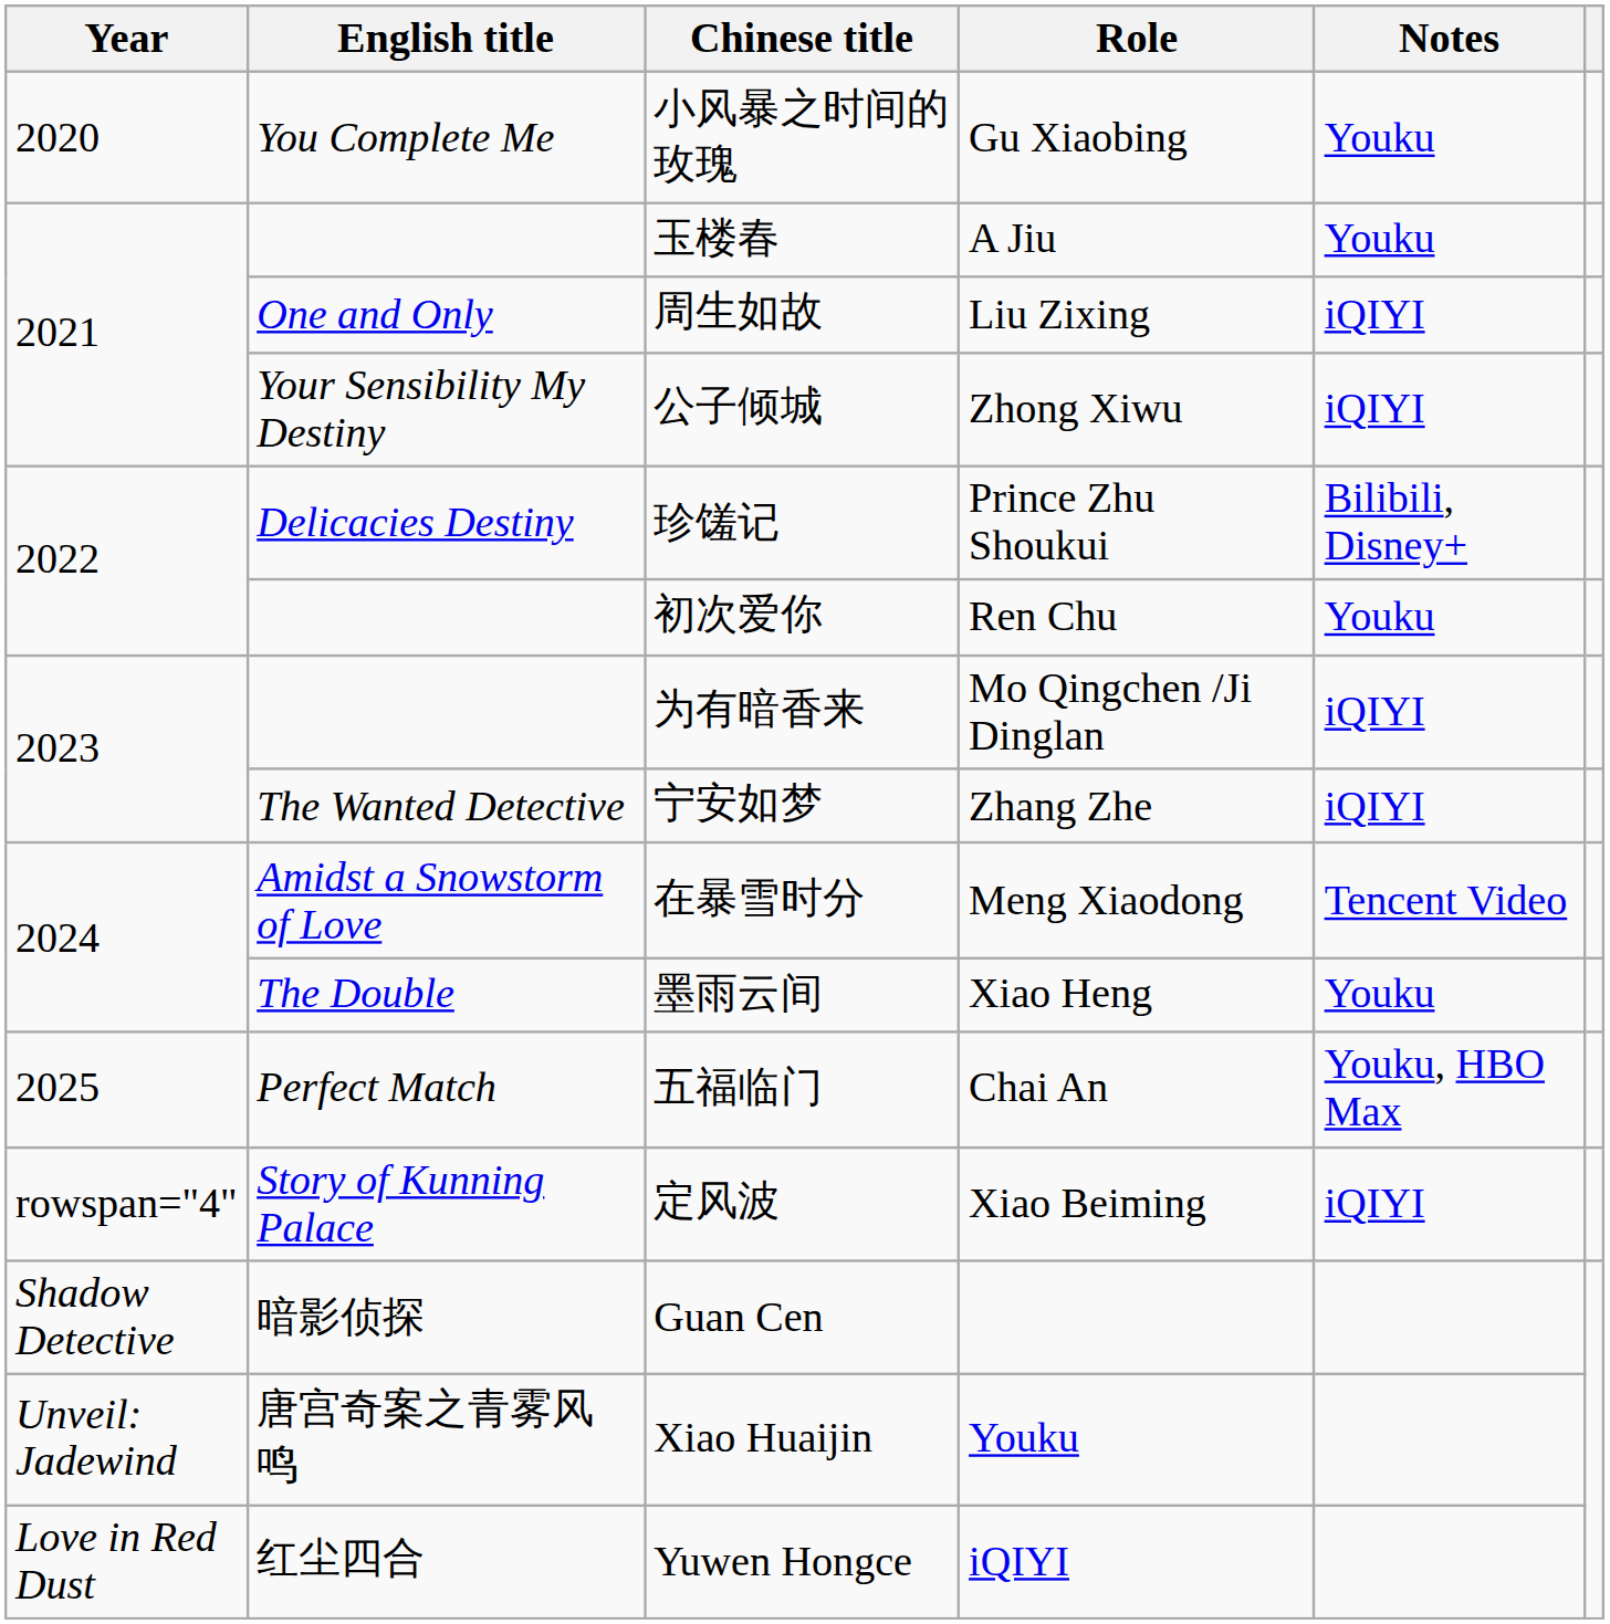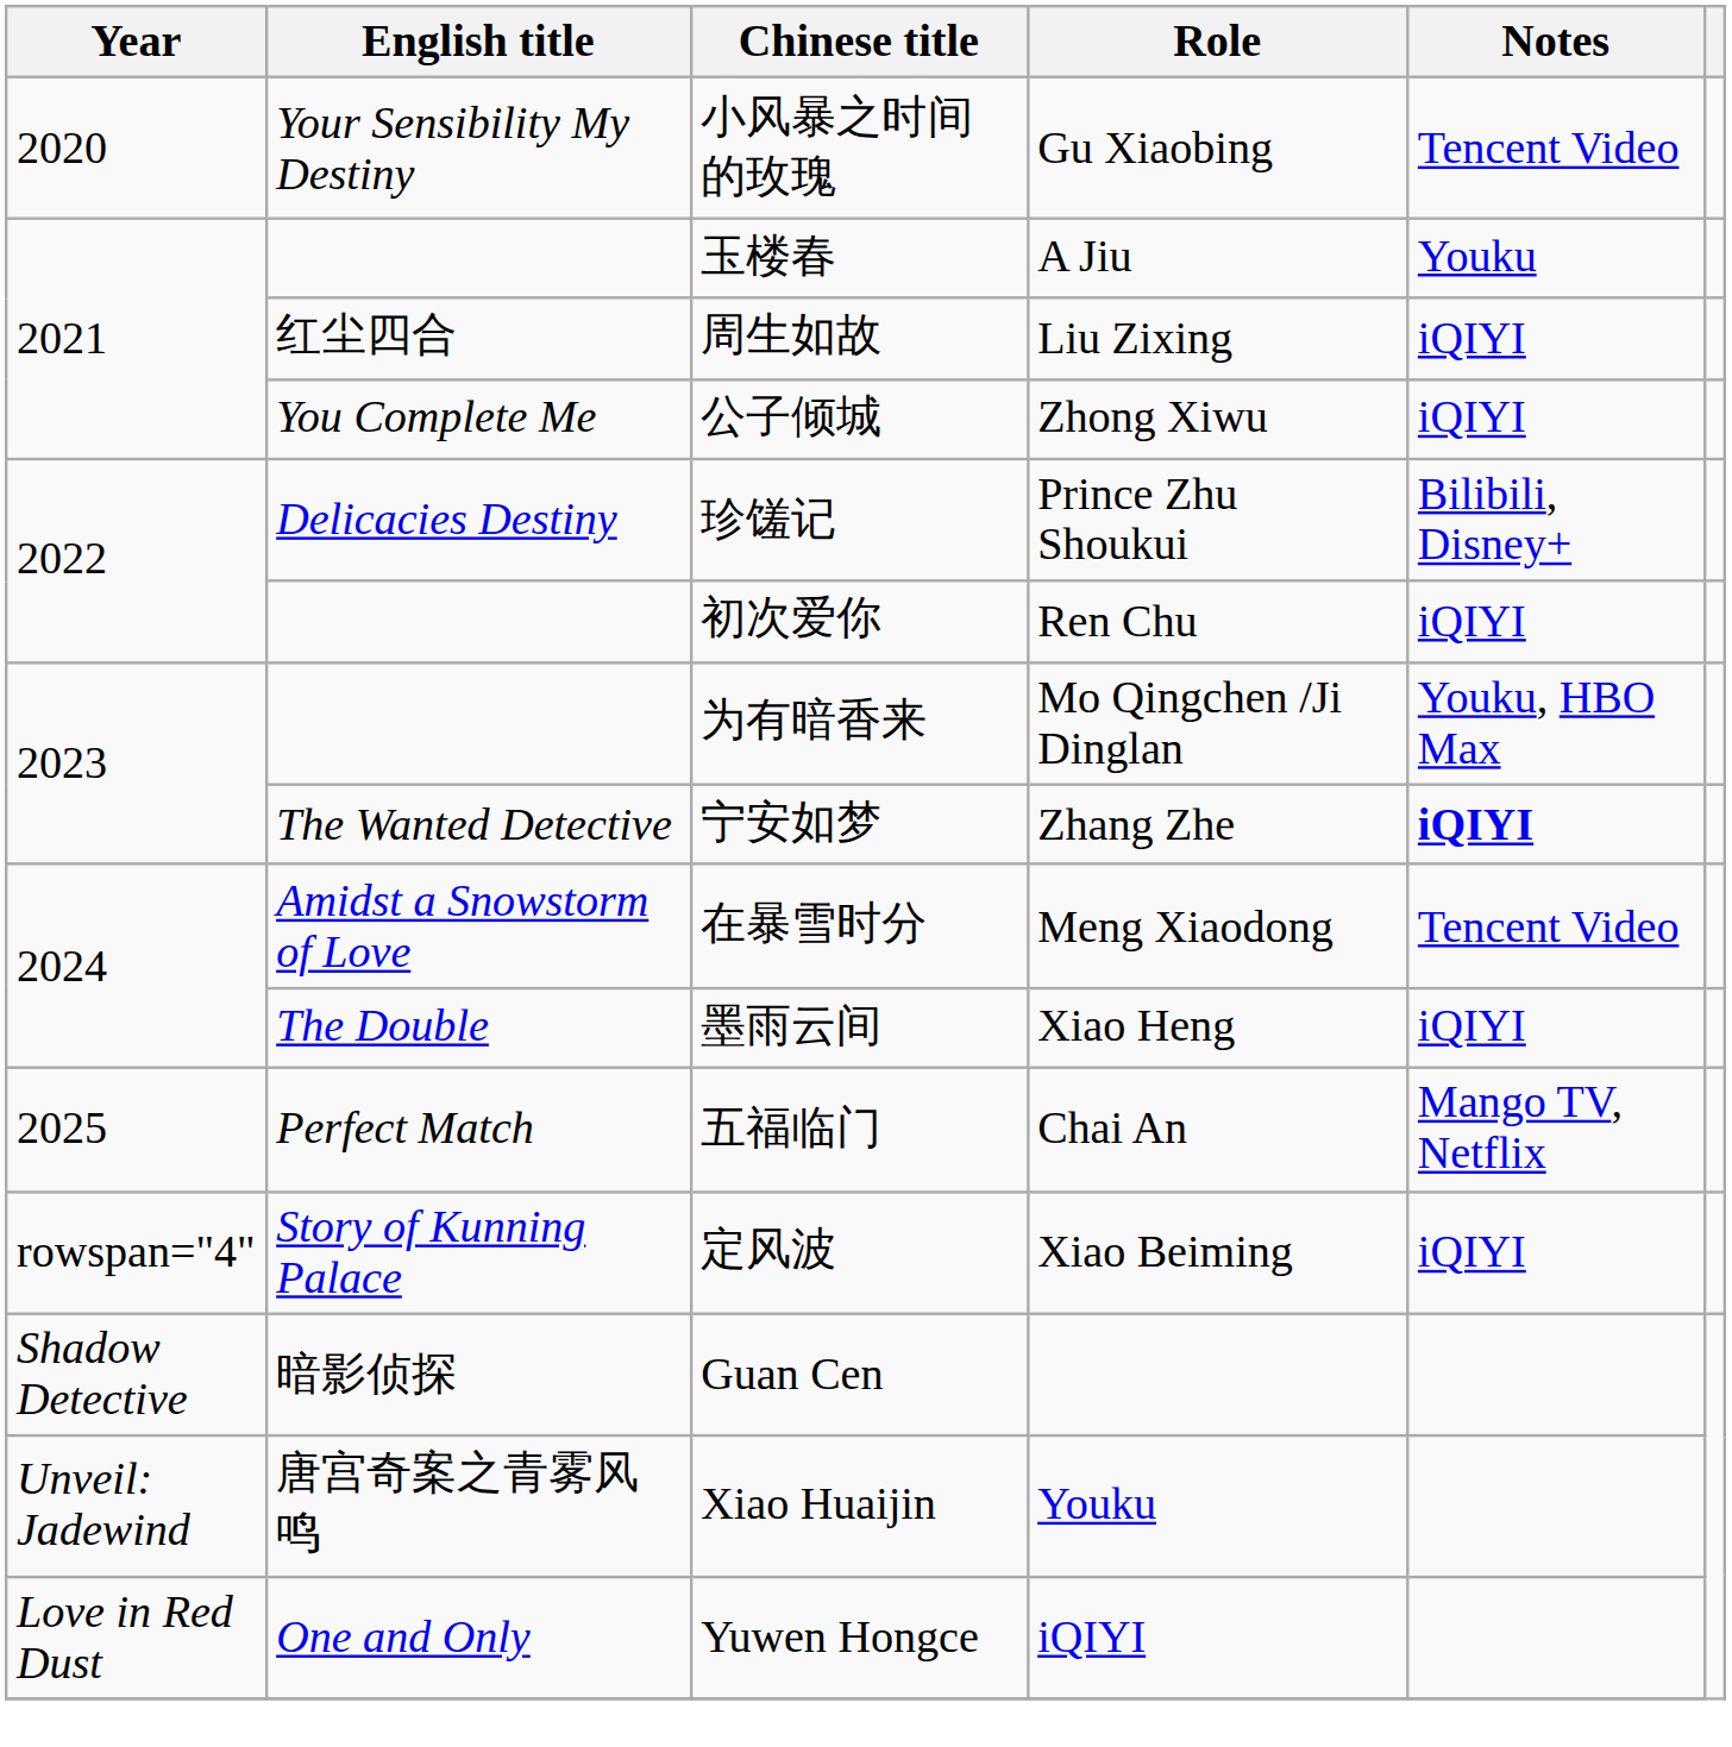 <table class="wikitable">
 <tr>
 <th width=10>Year</th>
 <th>English title</th>
 <th>Chinese title</th>
 <th>Role</th>
 <th>Notes</th>
 <th></th>
 </tr>
 <tr>
 <td>2020</td>
-<td><em>You Complete Me</em></td>
+<td><em>Your Sensibility My Destiny</em></td>
 <td>小风暴之时间的玫瑰</td>
 <td>Gu Xiaobing</td>
-<td><a href='#'>Youku</a></td>
+<td><a href='#'>Tencent Video</a></td>
 <td></td>
 </tr>
 <tr>
 <td rowspan="3">2021</td>
 <td><em></em></td>
 <td>玉楼春</td>
 <td>A Jiu</td>
 <td><a href='#'>Youku</a></td>
 <td></td>
 </tr>
 <tr>
-<td><em><a href='#'>One and Only</a></em></td>
+<td>红尘四合</td>
 <td>周生如故</td>
 <td>Liu Zixing</td>
 <td><a href='#'>iQIYI</a></td>
 <td></td>
 </tr>
 <tr>
-<td><em>Your Sensibility My Destiny</em></td>
+<td><em>You Complete Me</em></td>
 <td>公子倾城</td>
 <td>Zhong Xiwu</td>
 <td><a href='#'>iQIYI</a></td>
 <td></td>
 </tr>
 <tr>
 <td rowspan="2">2022</td>
 <td><em><a href='#'>Delicacies Destiny</a></em></td>
 <td>珍馐记</td>
 <td>Prince Zhu Shoukui</td>
 <td><a href='#'>Bilibili</a>, <a href='#'>Disney+</a></td>
 <td></td>
 </tr>
 <tr>
 <td><em></em></td>
 <td>初次爱你</td>
 <td>Ren Chu</td>
-<td><a href='#'>Youku</a></td>
+<td><a href='#'>iQIYI</a></td>
 <td></td>
 </tr>
 <tr>
 <td rowspan="2">2023</td>
 <td><em></em></td>
 <td>为有暗香来</td>
 <td>Mo Qingchen /Ji Dinglan</td>
-<td><a href='#'>iQIYI</a></td>
+<td><a href='#'>Youku</a>, <a href='#'>HBO Max</a></td>
 <td></td>
 </tr>
 <tr>
 <td><em>The Wanted Detective</em></td>
 <td>宁安如梦</td>
 <td>Zhang Zhe</td>
-<td><a href='#'>iQIYI</a></td>
+<td><strong><a href='#'>iQIYI</a></strong></td>
 <td></td>
 </tr>
 <tr>
 <td rowspan="2">2024</td>
 <td><em><a href='#'>Amidst a Snowstorm of Love</a></em></td>
 <td>在暴雪时分</td>
 <td>Meng Xiaodong</td>
 <td><a href='#'>Tencent Video</a></td>
 <td></td>
 </tr>
 <tr>
 <td><em><a href='#'>The Double</a></em></td>
 <td>墨雨云间</td>
 <td>Xiao Heng</td>
-<td><a href='#'>Youku</a></td>
+<td><a href='#'>iQIYI</a></td>
 <td></td>
 </tr>
 <tr>
 <td>2025</td>
 <td><em>Perfect Match</em></td>
 <td>五福临门</td>
 <td>Chai An</td>
-<td><a href='#'>Youku</a>, <a href='#'>HBO Max</a></td>
+<td><a href='#'>Mango TV</a>, <a href='#'>Netflix</a></td>
 <td></td>
 </tr>
 <tr>
 <td>rowspan="4" </td>
 <td><em><a href='#'>Story of Kunning Palace</a></em></td>
 <td>定风波</td>
 <td>Xiao Beiming</td>
 <td><a href='#'>iQIYI</a></td>
 <td></td>
 </tr>
 <tr>
 <td><em>Shadow Detective</em></td>
 <td>暗影侦探</td>
 <td>Guan Cen</td>
 <td></td>
 <td></td>
 </tr>
 <tr>
 <td><em>Unveil: Jadewind</em></td>
 <td>唐宫奇案之青雾风鸣</td>
 <td>Xiao Huaijin</td>
 <td><a href='#'>Youku</a></td>
 <td></td>
 </tr>
 <tr>
 <td><em>Love in Red Dust</em></td>
-<td>红尘四合</td>
+<td><em><a href='#'>One and Only</a></em></td>
 <td>Yuwen Hongce</td>
 <td><a href='#'>iQIYI</a></td>
 <td></td>
 </tr>
 <tr>
 </tr>
 </table>
